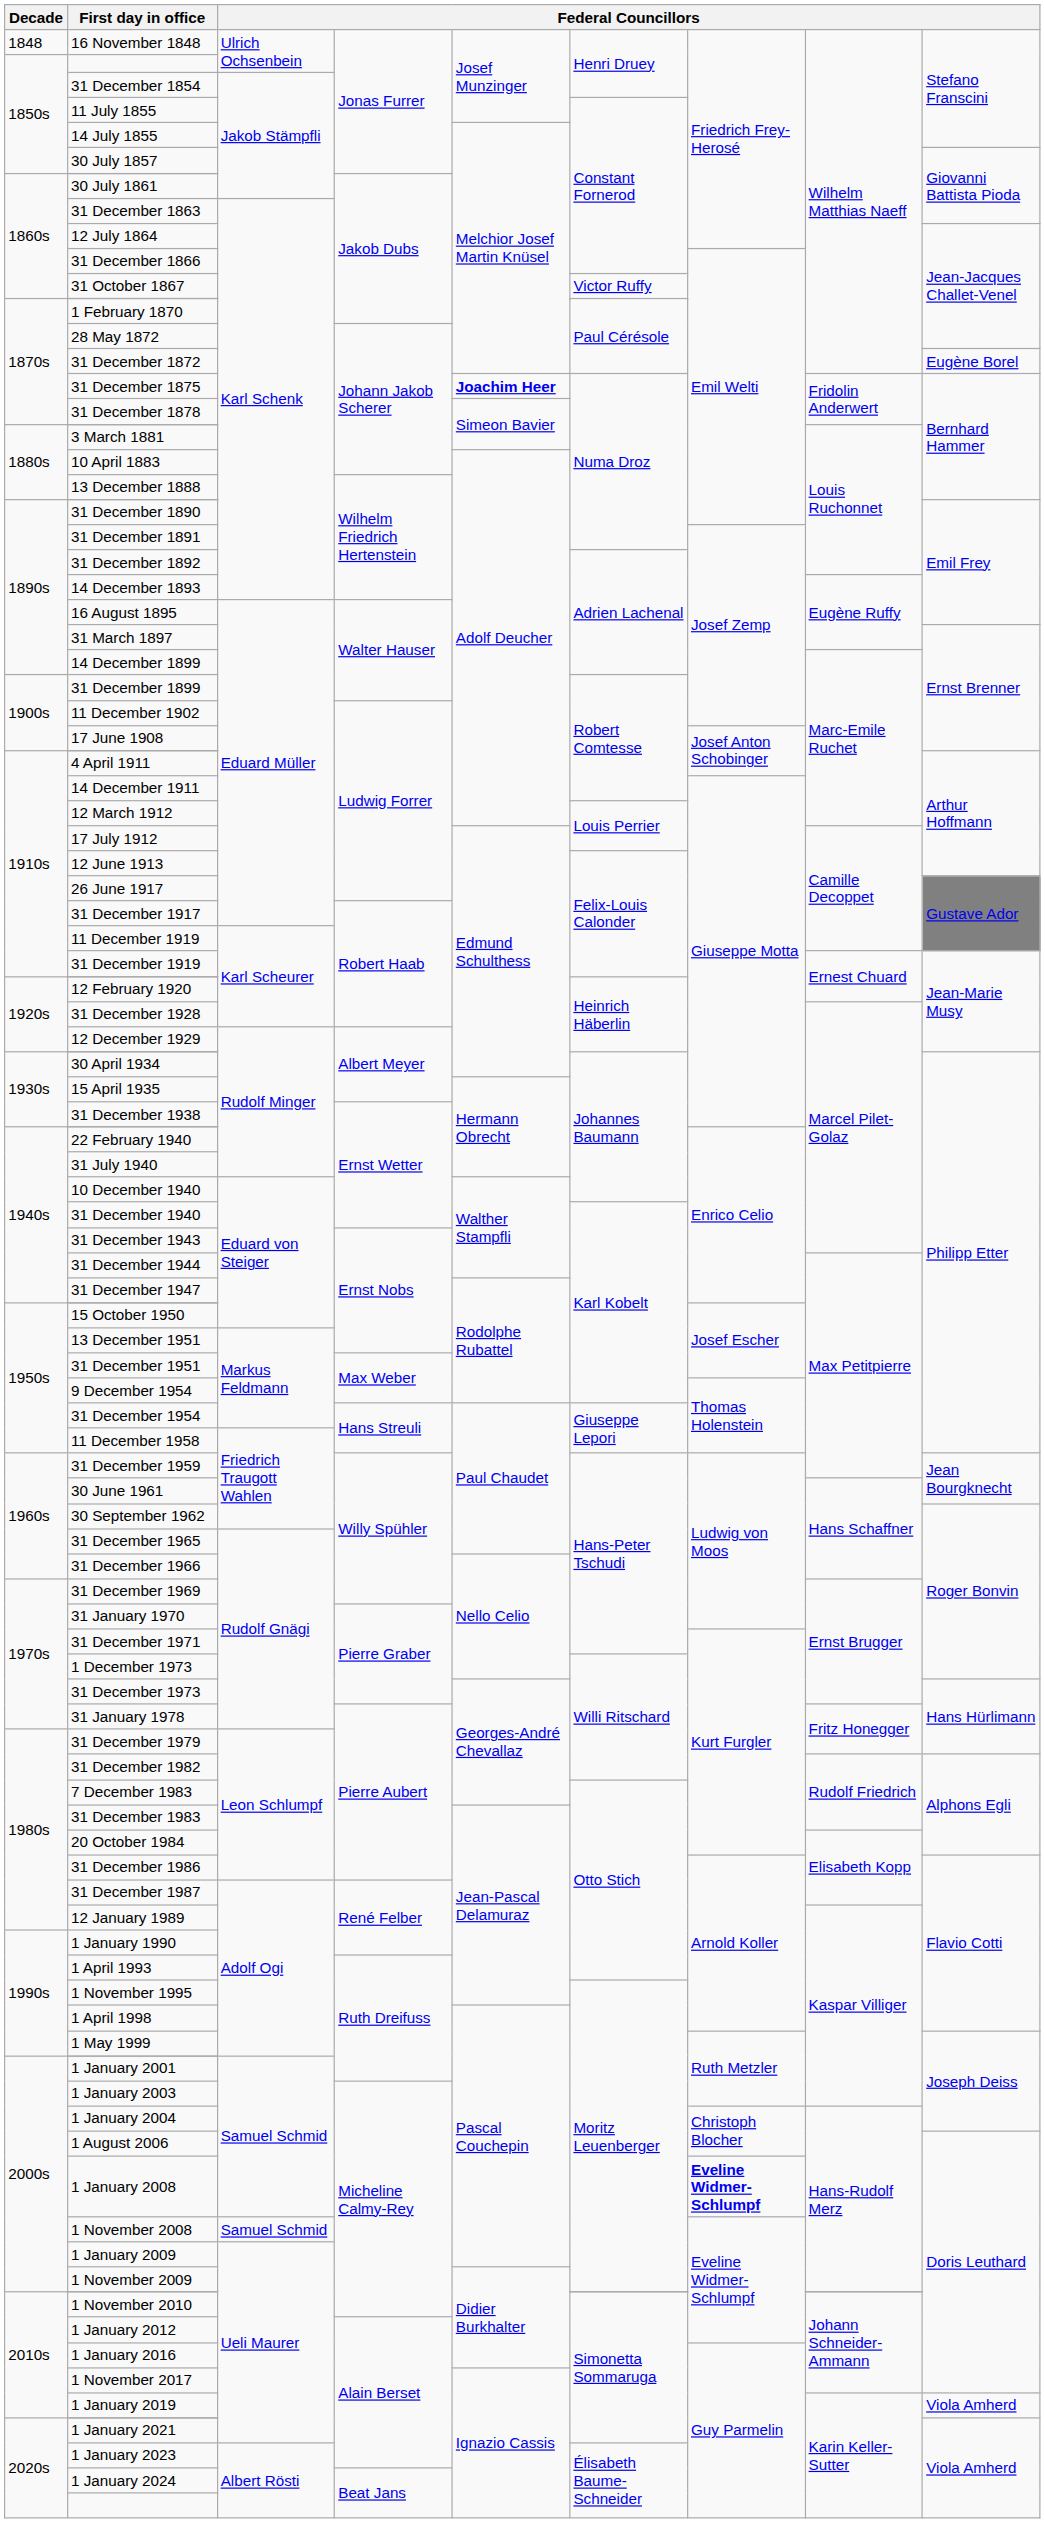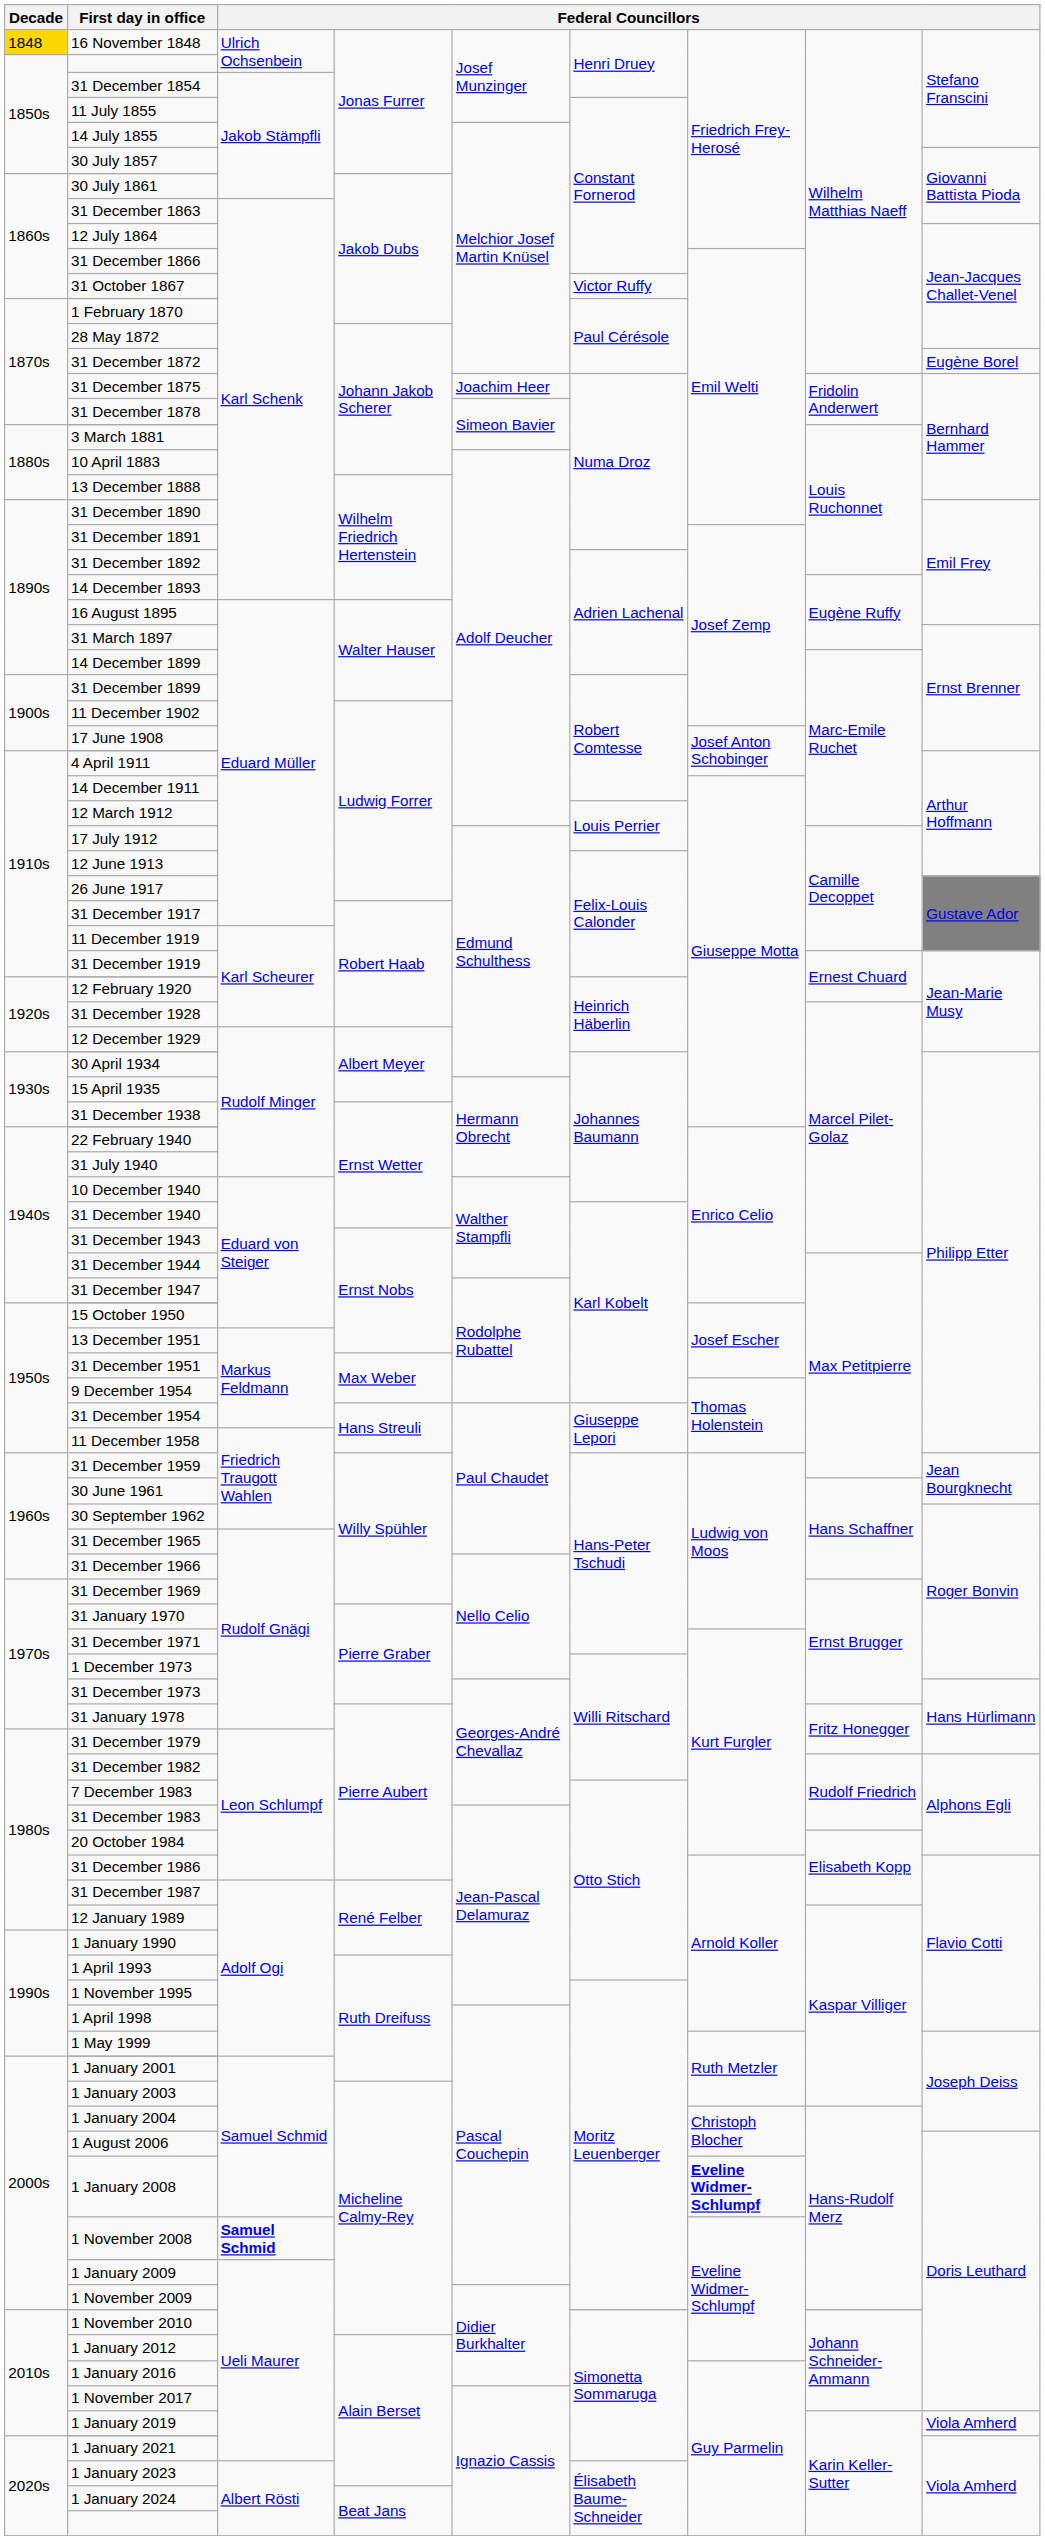 <table class="wikitable" style="font-size:80%;">
 <tr>
 <th style="width:4%;">Decade</th>
 <th style="width:14%;">First day in office</th>
 <th colspan=7>Federal Councillors</th>
 </tr>
 <tr>
-<td>1848</td>
+<td style="background: gold;">1848</td>
 <td>16 November 1848</td>
 <td rowspan="2" style="width:11%;" style="background:"><a href='#'>Ulrich Ochsenbein</a></td>
 <td rowspan="7" style="width:11%;" style="background:"><a href='#'>Jonas Furrer</a></td>
 <td rowspan="4" style="width:11%;" style="background:"><a href='#'>Josef Munzinger</a></td>
 <td rowspan="3" style="width:11%;" style="background:"><a href='#'>Henri Druey</a></td>
 <td rowspan="10" style="width:11%;" style="background:"><a href='#'>Friedrich Frey-Herosé</a></td>
 <td rowspan="16" style="width:11%;" style="background:"><a href='#'>Wilhelm Matthias Naeff</a></td>
 <td rowspan="5" style="width:11%;" style="background:"><a href='#'>Stefano Franscini</a></td>
 </tr>
 <tr>
 <td rowspan="5">1850s</td>
 </tr>
 <tr>
 <td>31 December 1854</td>
 <td rowspan="6" style="background:"><a href='#'>Jakob Stämpfli</a></td>
 </tr>
 <tr>
 <td>11 July 1855</td>
 <td rowspan="8" style="background:"><a href='#'>Constant Fornerod</a></td>
 </tr>
 <tr>
 <td>14 July 1855</td>
 <td rowspan="12" style="background:"><a href='#'>Melchior Josef Martin Knüsel</a></td>
 </tr>
 <tr>
 <td>30 July 1857</td>
 <td rowspan="4" style="background:"><a href='#'>Giovanni Battista Pioda</a></td>
 </tr>
 <tr>
 <td rowspan="6">1860s</td>
 </tr>
 <tr>
 <td>30 July 1861</td>
 <td rowspan="7" style="background:"><a href='#'>Jakob Dubs</a></td>
 </tr>
 <tr>
 <td>31 December 1863</td>
 <td rowspan="19" style="background:"><a href='#'>Karl Schenk</a></td>
 </tr>
 <tr>
 <td>12 July 1864</td>
 <td rowspan="6" style="background:"><a href='#'>Jean-Jacques Challet-Venel</a></td>
 </tr>
 <tr>
 <td>31 December 1866</td>
 <td rowspan="14" style="background:"><a href='#'>Emil Welti</a></td>
 </tr>
 <tr>
 <td>31 October 1867</td>
 <td rowspan="2" style="background:"><a href='#'>Victor Ruffy</a></td>
 </tr>
 <tr>
 <td rowspan="6">1870s</td>
 </tr>
 <tr>
 <td>1 February 1870</td>
 <td rowspan="3" style="background:"><a href='#'>Paul Cérésole</a></td>
 </tr>
 <tr>
 <td>28 May 1872</td>
 <td rowspan="7" style="background:"><a href='#'>Johann Jakob Scherer</a></td>
 </tr>
 <tr>
 <td>31 December 1872</td>
 <td style="background:"><a href='#'>Eugène Borel</a></td>
 </tr>
 <tr>
 <td>31 December 1875</td>
-<td style="background:"><strong><a href='#'>Joachim Heer</a></strong></td>
+<td style="background:"><a href='#'>Joachim Heer</a></td>
 <td rowspan="9" style="background:"><a href='#'>Numa Droz</a></td>
 <td rowspan="3" style="background:"><a href='#'>Fridolin Anderwert</a></td>
 <td rowspan="7" style="background:"><a href='#'>Bernhard Hammer</a></td>
 </tr>
 <tr>
 <td>31 December 1878</td>
 <td rowspan="3" style="background:"><a href='#'>Simeon Bavier</a></td>
 </tr>
 <tr>
 <td rowspan="4">1880s</td>
 </tr>
 <tr>
 <td>3 March 1881</td>
 <td rowspan="7" style="background:"><a href='#'>Louis Ruchonnet</a></td>
 </tr>
 <tr>
 <td>10 April 1883</td>
 <td rowspan="17" style="background:"><a href='#'>Adolf Deucher</a></td>
 </tr>
 <tr>
 <td>13 December 1888</td>
 <td rowspan="6" style="background:"><a href='#'>Wilhelm Friedrich Hertenstein</a></td>
 </tr>
 <tr>
 <td rowspan="8">1890s</td>
 </tr>
 <tr>
 <td>31 December 1890</td>
 <td rowspan="5" style="background:"><a href='#'>Emil Frey</a></td>
 </tr>
 <tr>
 <td>31 December 1891</td>
 <td rowspan="8" style="background:"><a href='#'>Josef Zemp</a></td>
 </tr>
 <tr>
 <td>31 December 1892</td>
 <td rowspan="5" style="background:"><a href='#'>Adrien Lachenal</a></td>
 </tr>
 <tr>
 <td>14 December 1893</td>
 <td rowspan="3" style="background:"><a href='#'>Eugène Ruffy</a></td>
 </tr>
 <tr>
 <td>16 August 1895</td>
 <td rowspan="14" style="background:"><a href='#'>Eduard Müller</a></td>
 <td rowspan="4" style="background:"><a href='#'>Walter Hauser</a></td>
 </tr>
 <tr>
 <td>31 March 1897</td>
 <td rowspan="6" style="background:"><a href='#'>Ernst Brenner</a></td>
 </tr>
 <tr>
 <td>14 December 1899</td>
 <td rowspan="8" style="background:"><a href='#'>Marc-Emile Ruchet</a></td>
 </tr>
 <tr>
 <td rowspan="3">1900s</td>
 <td>31 December 1899</td>
 <td rowspan="6" style="background:"><a href='#'>Robert Comtesse</a></td>
 </tr>
 <tr>
 <td>11 December 1902</td>
 <td rowspan="9" style="background:"><a href='#'>Ludwig Forrer</a></td>
 </tr>
 <tr>
 <td>17 June 1908</td>
 <td rowspan="3" style="background:"><a href='#'>Josef Anton Schobinger</a></td>
 </tr>
 <tr>
 <td rowspan="10">1910s</td>
 </tr>
 <tr>
 <td>4 April 1911</td>
 <td rowspan="5" style="background:"><a href='#'>Arthur Hoffmann</a></td>
 </tr>
 <tr>
 <td>14 December 1911</td>
 <td rowspan="17" style="background:"><a href='#'>Giuseppe Motta</a></td>
 </tr>
 <tr>
 <td>12 March 1912</td>
 <td rowspan="2" style="background:"><a href='#'>Louis Perrier</a></td>
 </tr>
 <tr>
 <td>17 July 1912</td>
 <td rowspan="12" style="background:"><a href='#'>Edmund Schulthess</a></td>
 <td rowspan="5" style="background:"><a href='#'>Camille Decoppet</a></td>
 </tr>
 <tr>
 <td>12 June 1913</td>
 <td rowspan="6" style="background:"><a href='#'>Felix-Louis Calonder</a></td>
 </tr>
 <tr>
 <td>26 June 1917</td>
 <td rowspan="3" style="background:gray;"><a href='#'>Gustave Ador</a></td>
 </tr>
 <tr>
 <td>31 December 1917</td>
 <td rowspan="6" style="background:"><a href='#'>Robert Haab</a></td>
 </tr>
 <tr>
 <td>11 December 1919</td>
 <td rowspan="5" style="background:"><a href='#'>Karl Scheurer</a></td>
 </tr>
 <tr>
 <td>31 December 1919</td>
 <td rowspan="3" style="background:"><a href='#'>Ernest Chuard</a></td>
 <td rowspan="6" style="background:"><a href='#'>Jean-Marie Musy</a></td>
 </tr>
 <tr>
 <td rowspan="4">1920s</td>
 </tr>
 <tr>
 <td>12 February 1920</td>
 <td rowspan="4" style="background:"><a href='#'>Heinrich Häberlin</a></td>
 </tr>
 <tr>
 <td>31 December 1928</td>
 <td rowspan="12" style="background:"><a href='#'>Marcel Pilet-Golaz</a></td>
 </tr>
 <tr>
 <td>12 December 1929</td>
 <td rowspan="8" style="background:"><a href='#'>Rudolf Minger</a></td>
 <td rowspan="4" style="background:"><a href='#'>Albert Meyer</a></td>
 </tr>
 <tr>
 <td rowspan="4">1930s</td>
 </tr>
 <tr>
 <td>30 April 1934</td>
 <td rowspan="7" style="background:"><a href='#'>Johannes Baumann</a></td>
 <td rowspan="18" style="background:"><a href='#'>Philipp Etter</a></td>
 </tr>
 <tr>
 <td>15 April 1935</td>
 <td rowspan="5" style="background:"><a href='#'>Hermann Obrecht</a></td>
 </tr>
 <tr>
 <td>31 December 1938</td>
 <td rowspan="6" style="background:"><a href='#'>Ernst Wetter</a></td>
 </tr>
 <tr>
 <td rowspan="8">1940s</td>
 </tr>
 <tr>
 <td>22 February 1940</td>
 <td rowspan="8" style="background:"><a href='#'>Enrico Celio</a></td>
 </tr>
 <tr>
 <td>31 July 1940</td>
 </tr>
 <tr>
 <td>10 December 1940</td>
 <td rowspan="7" style="background:"><a href='#'>Eduard von Steiger</a></td>
 <td rowspan="4" style="background:"><a href='#'>Walther Stampfli</a></td>
 </tr>
 <tr>
 <td>31 December 1940</td>
 <td rowspan="9" style="background:"><a href='#'>Karl Kobelt</a></td>
 </tr>
 <tr>
 <td>31 December 1943</td>
 <td rowspan="6" style="background:"><a href='#'>Ernst Nobs</a></td>
 </tr>
 <tr>
 <td>31 December 1944</td>
 <td rowspan="10" style="background:"><a href='#'>Max Petitpierre</a></td>
 </tr>
 <tr>
 <td>31 December 1947</td>
 <td rowspan="6" style="background:"><a href='#'>Rodolphe Rubattel</a></td>
 </tr>
 <tr>
 <td rowspan="7">1950s</td>
 </tr>
 <tr>
 <td>15 October 1950</td>
 <td rowspan="3" style="background:"><a href='#'>Josef Escher</a></td>
 </tr>
 <tr>
 <td>13 December 1951</td>
 <td rowspan="4" style="background:"><a href='#'>Markus Feldmann</a></td>
 </tr>
 <tr>
 <td>31 December 1951</td>
 <td rowspan="2" style="background:"><a href='#'>Max Weber</a></td>
 </tr>
 <tr>
 <td>9 December 1954</td>
 <td rowspan="3" style="background:"><a href='#'>Thomas Holenstein</a></td>
 </tr>
 <tr>
 <td>31 December 1954</td>
 <td rowspan="2" style="background:"><a href='#'>Hans Streuli</a></td>
 <td rowspan="6" style="background:"><a href='#'>Paul Chaudet</a></td>
 <td rowspan="2" style="background:"><a href='#'>Giuseppe Lepori</a></td>
 </tr>
 <tr>
 <td>11 December 1958</td>
 <td rowspan="4" style="background:"><a href='#'>Friedrich Traugott Wahlen</a></td>
 </tr>
 <tr>
 <td rowspan="5">1960s</td>
 <td>31 December 1959</td>
 <td rowspan="6" style="background:"><a href='#'>Willy Spühler</a></td>
 <td rowspan="8" style="background:"><a href='#'>Hans-Peter Tschudi</a></td>
 <td rowspan="7" style="background:"><a href='#'>Ludwig von Moos</a></td>
 <td rowspan="2" style="background:"><a href='#'>Jean Bourgknecht</a></td>
 </tr>
 <tr>
 <td>30 June 1961</td>
 <td rowspan="4" style="background:"><a href='#'>Hans Schaffner</a></td>
 </tr>
 <tr>
 <td>30 September 1962</td>
 <td rowspan="7" style="background:"><a href='#'>Roger Bonvin</a></td>
 </tr>
 <tr>
 <td>31 December 1965</td>
 <td rowspan="8" style="background:"><a href='#'>Rudolf Gnägi</a></td>
 </tr>
 <tr>
 <td>31 December 1966</td>
 <td rowspan="5" style="background:"><a href='#'>Nello Celio</a></td>
 </tr>
 <tr>
 <td rowspan="6">1970s</td>
 <td>31 December 1969</td>
 <td rowspan="5" style="background:"><a href='#'>Ernst Brugger</a></td>
 </tr>
 <tr>
 <td>31 January 1970</td>
 <td rowspan="4" style="background:"><a href='#'>Pierre Graber</a></td>
 </tr>
 <tr>
 <td>31 December 1971</td>
 <td rowspan="9" style="background:"><a href='#'>Kurt Furgler</a></td>
 </tr>
 <tr>
 <td>1 December 1973</td>
 <td rowspan="5" style="background:"><a href='#'>Willi Ritschard</a></td>
 </tr>
 <tr>
 <td>31 December 1973</td>
 <td rowspan="5" style="background:"><a href='#'>Georges-André Chevallaz</a></td>
 <td rowspan="3" style="background:"><a href='#'>Hans Hürlimann</a></td>
 </tr>
 <tr>
 <td>31 January 1978</td>
 <td rowspan="7" style="background:"><a href='#'>Pierre Aubert</a></td>
 <td rowspan="2" style="background:"><a href='#'>Fritz Honegger</a></td>
 </tr>
 <tr>
 <td rowspan="8">1980s</td>
 <td>31 December 1979</td>
 <td rowspan="6" style="background:"><a href='#'>Leon Schlumpf</a></td>
 </tr>
 <tr>
 <td>31 December 1982</td>
 <td rowspan="3" style="background:"><a href='#'>Rudolf Friedrich</a></td>
 <td rowspan="4" style="background:"><a href='#'>Alphons Egli</a></td>
 </tr>
 <tr>
 <td>7 December 1983</td>
 <td rowspan="8" style="background:"><a href='#'>Otto Stich</a></td>
 </tr>
 <tr>
 <td>31 December 1983</td>
 <td rowspan="8" style="background:"><a href='#'>Jean-Pascal Delamuraz</a></td>
 </tr>
 <tr>
 <td>20 October 1984</td>
 <td rowspan="3" style="background:"><a href='#'>Elisabeth Kopp</a></td>
 </tr>
 <tr>
 <td>31 December 1986</td>
 <td rowspan="7" style="background:"><a href='#'>Arnold Koller</a></td>
 <td rowspan="7" style="background:"><a href='#'>Flavio Cotti</a></td>
 </tr>
 <tr>
 <td>31 December 1987</td>
 <td rowspan="8" style="background:"><a href='#'>Adolf Ogi</a></td>
 <td rowspan="3" style="background:"><a href='#'>René Felber</a></td>
 </tr>
 <tr>
 <td>12 January 1989</td>
 <td rowspan="9" style="background:"><a href='#'>Kaspar Villiger</a></td>
 </tr>
 <tr>
 <td rowspan="5">1990s</td>
 <td>1 January 1990</td>
 </tr>
 <tr>
 <td>1 April 1993</td>
 <td rowspan="6" style="background:"><a href='#'>Ruth Dreifuss</a></td>
 </tr>
 <tr>
 <td>1 November 1995</td>
 <td rowspan="12" style="background:"><a href='#'>Moritz Leuenberger</a></td>
 </tr>
 <tr>
 <td>1 April 1998</td>
 <td rowspan="10" style="background:"><a href='#'>Pascal Couchepin</a></td>
 </tr>
 <tr>
 <td>1 May 1999</td>
 <td rowspan="4" style="background:"><a href='#'>Ruth Metzler</a></td>
 <td rowspan="5" style="background:"><a href='#'>Joseph Deiss</a></td>
 </tr>
 <tr>
 <td rowspan="9">2000s</td>
 </tr>
 <tr>
 <td>1 January 2001</td>
 <td rowspan="5" style="background:"><a href='#'>Samuel Schmid</a></td>
 </tr>
 <tr>
 <td>1 January 2003</td>
 <td rowspan="9" style="background:"><a href='#'>Micheline Calmy-Rey</a></td>
 </tr>
 <tr>
 <td>1 January 2004</td>
 <td rowspan="2" style="background:"><a href='#'>Christoph Blocher</a></td>
 <td rowspan="6" style="background:"><a href='#'>Hans-Rudolf Merz</a></td>
 </tr>
 <tr>
 <td>1 August 2006</td>
 <td rowspan="10" style="background:"><a href='#'>Doris Leuthard</a></td>
 </tr>
 <tr>
 <td>1 January 2008</td>
 <td rowspan="1" style="background:"><strong><a href='#'>Eveline Widmer-Schlumpf</a></strong></td>
 </tr>
 <tr>
 <td>1 November 2008</td>
-<td rowspan="1" style="background:"><a href='#'>Samuel Schmid</a></td>
+<td rowspan="1" style="background:"><strong><a href='#'>Samuel Schmid</a></strong></td>
 <td rowspan="6" style="background:"><a href='#'>Eveline Widmer-Schlumpf</a></td>
 </tr>
 <tr>
 <td>1 January 2009</td>
 <td rowspan="10" style="background:"><a href='#'>Ueli Maurer</a></td>
 </tr>
 <tr>
 <td>1 November 2009</td>
 <td rowspan="5" style="background:"><a href='#'>Didier Burkhalter</a></td>
 </tr>
 <tr>
 <td rowspan="6">2010s</td>
 </tr>
 <tr>
 <td>1 November 2010</td>
 <td rowspan="7" style="background:"><a href='#'>Simonetta Sommaruga</a></td>
 <td rowspan="4" style="background:"><a href='#'>Johann Schneider-Ammann</a></td>
 </tr>
 <tr>
 <td>1 January 2012</td>
 <td rowspan="7" style="background:"><a href='#'>Alain Berset</a><br></td>
 </tr>
 <tr>
 <td>1 January 2016</td>
 <td rowspan="8" style="background:"><a href='#'>Guy Parmelin</a></td>
 </tr>
 <tr>
 <td>1 November 2017</td>
 <td rowspan="7" style="background:"><a href='#'>Ignazio Cassis</a></td>
 </tr>
 <tr>
 <td>1 January 2019</td>
 <td rowspan="6" style="background:"><a href='#'>Karin Keller-Sutter</a></td>
 <td rowspan="2" style="background:"><a href='#'>Viola Amherd</a><br></td>
 </tr>
 <tr>
 <td rowspan="5">2020s<br></td>
 </tr>
 <tr>
 <td>1 January 2021</td>
 <td rowspan="4" style="background:"><a href='#'>Viola Amherd</a></td>
 </tr>
 <tr>
 <td>1 January 2023</td>
 <td rowspan="3" style="background:"><a href='#'>Albert Rösti</a></td>
 <td rowspan="3" style="background:"><a href='#'>Élisabeth Baume-Schneider</a><br></td>
 </tr>
 <tr>
 <td>1 January 2024</td>
 <td rowspan="2" style="background:"><a href='#'>Beat Jans</a></td>
 </tr>
 <tr>
 <td>  <br></td>
 </tr>
 </table>
